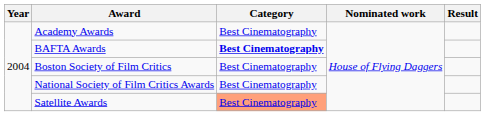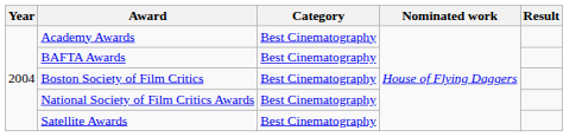 <table class="wikitable">
 <tr>
 <th>Year</th>
 <th>Award</th>
 <th>Category</th>
 <th>Nominated work</th>
 <th>Result</th>
 </tr>
 <tr>
 <td rowspan=5>2004</td>
 <td><a href='#'>Academy Awards</a></td>
 <td><a href='#'>Best Cinematography</a></td>
 <td rowspan=5><em><a href='#'>House of Flying Daggers</a></em></td>
 <td></td>
 </tr>
 <tr>
 <td><a href='#'>BAFTA Awards</a></td>
-<td><strong><a href='#'>Best Cinematography</a></strong></td>
+<td><a href='#'>Best Cinematography</a></td>
 <td></td>
 </tr>
 <tr>
 <td><a href='#'>Boston Society of Film Critics</a></td>
 <td><a href='#'>Best Cinematography</a></td>
 <td></td>
 </tr>
 <tr>
 <td><a href='#'>National Society of Film Critics Awards</a></td>
 <td><a href='#'>Best Cinematography</a></td>
 <td></td>
 </tr>
 <tr>
 <td><a href='#'>Satellite Awards</a></td>
-<td style="background: lightsalmon;"><a href='#'>Best Cinematography</a></td>
+<td><a href='#'>Best Cinematography</a></td>
 <td></td>
 </tr>
 </table>
